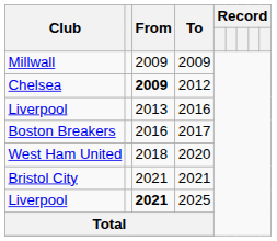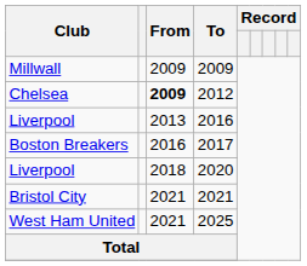 <table class=wikitable style=text-align:center>
 <tr>
 <th rowspan=2>Club</th>
 <th rowspan=2></th>
 <th rowspan=2>From</th>
 <th rowspan=2>To</th>
 <th colspan=7>Record</th>
 </tr>
 <tr>
 <th></th>
 <th></th>
 <th></th>
 <th><br></th>
 <th></th>
 </tr>
 <tr>
 <td align=left><a href='#'>Millwall</a></td>
 <td align=left></td>
 <td align=left> 2009</td>
 <td align=left> 2009<br> </td>
 </tr>
 <tr>
 <td align=left><a href='#'>Chelsea</a></td>
 <td align=left></td>
 <td align=left><strong> 2009</strong></td>
 <td align=left>2012<br> </td>
 </tr>
 <tr>
 <td align=left><a href='#'>Liverpool</a></td>
 <td align=left></td>
 <td align=left>2013</td>
 <td align=left>2016<br></td>
 </tr>
 <tr>
 <td align=left><a href='#'>Boston Breakers</a></td>
 <td align=left></td>
 <td align=left>2016</td>
 <td align=left>2017<br></td>
 </tr>
 <tr>
-<td align=left><a href='#'>West Ham United</a></td>
+<td align=left><a href='#'>Liverpool</a></td>
 <td align=left></td>
 <td align=left>2018</td>
 <td align=left>2020<br></td>
 </tr>
 <tr>
 <td align=left><a href='#'>Bristol City</a></td>
 <td align=left></td>
 <td align=left>2021</td>
 <td align=left>2021<br> </td>
 </tr>
 <tr>
-<td align=left><a href='#'>Liverpool</a></td>
+<td align=left><a href='#'>West Ham United</a></td>
 <td align=left></td>
-<td align=left><strong>2021</strong></td>
+<td align=left>2021</td>
 <td align=left>2025<br></td>
 </tr>
 <tr>
 <th colspan=4>Total<br></th>
 </tr>
 <tr>
 </tr>
 </table>
